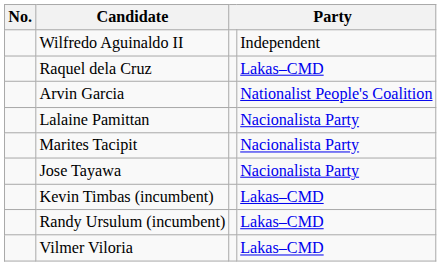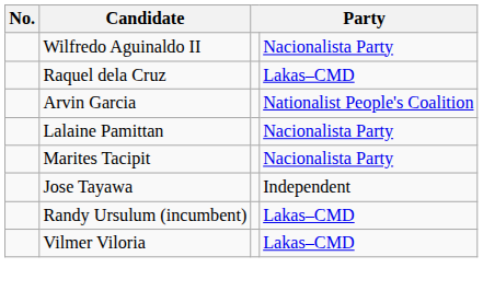 <table class="wikitable sortable" style="text-align:left;">
 <tr>
 <th>No.</th>
 <th>Candidate</th>
 <th colspan="2">Party</th>
 </tr>
 <tr>
 <td></td>
 <td>Wilfredo Aguinaldo II</td>
 <td></td>
-<td>Independent</td>
+<td><a href='#'>Nacionalista Party</a></td>
 </tr>
 <tr>
 <td></td>
 <td>Raquel dela Cruz</td>
 <td></td>
 <td><a href='#'>Lakas–CMD</a></td>
 </tr>
 <tr>
 <td></td>
 <td>Arvin Garcia</td>
 <td></td>
 <td><a href='#'>Nationalist People's Coalition</a></td>
 </tr>
 <tr>
 <td></td>
 <td>Lalaine Pamittan</td>
 <td></td>
 <td><a href='#'>Nacionalista Party</a></td>
 </tr>
 <tr>
 <td></td>
 <td>Marites Tacipit</td>
 <td></td>
 <td><a href='#'>Nacionalista Party</a></td>
 </tr>
 <tr>
 <td></td>
 <td>Jose Tayawa</td>
 <td></td>
-<td><a href='#'>Nacionalista Party</a></td>
-</tr>
-<tr>
-<td></td>
-<td>Kevin Timbas (incumbent)</td>
-<td></td>
-<td><a href='#'>Lakas–CMD</a></td>
+<td>Independent</td>
 </tr>
 <tr>
 <td></td>
 <td>Randy Ursulum (incumbent)</td>
 <td></td>
 <td><a href='#'>Lakas–CMD</a></td>
 </tr>
 <tr>
 <td></td>
 <td>Vilmer Viloria</td>
 <td></td>
 <td><a href='#'>Lakas–CMD</a></td>
 </tr>
 </table>
